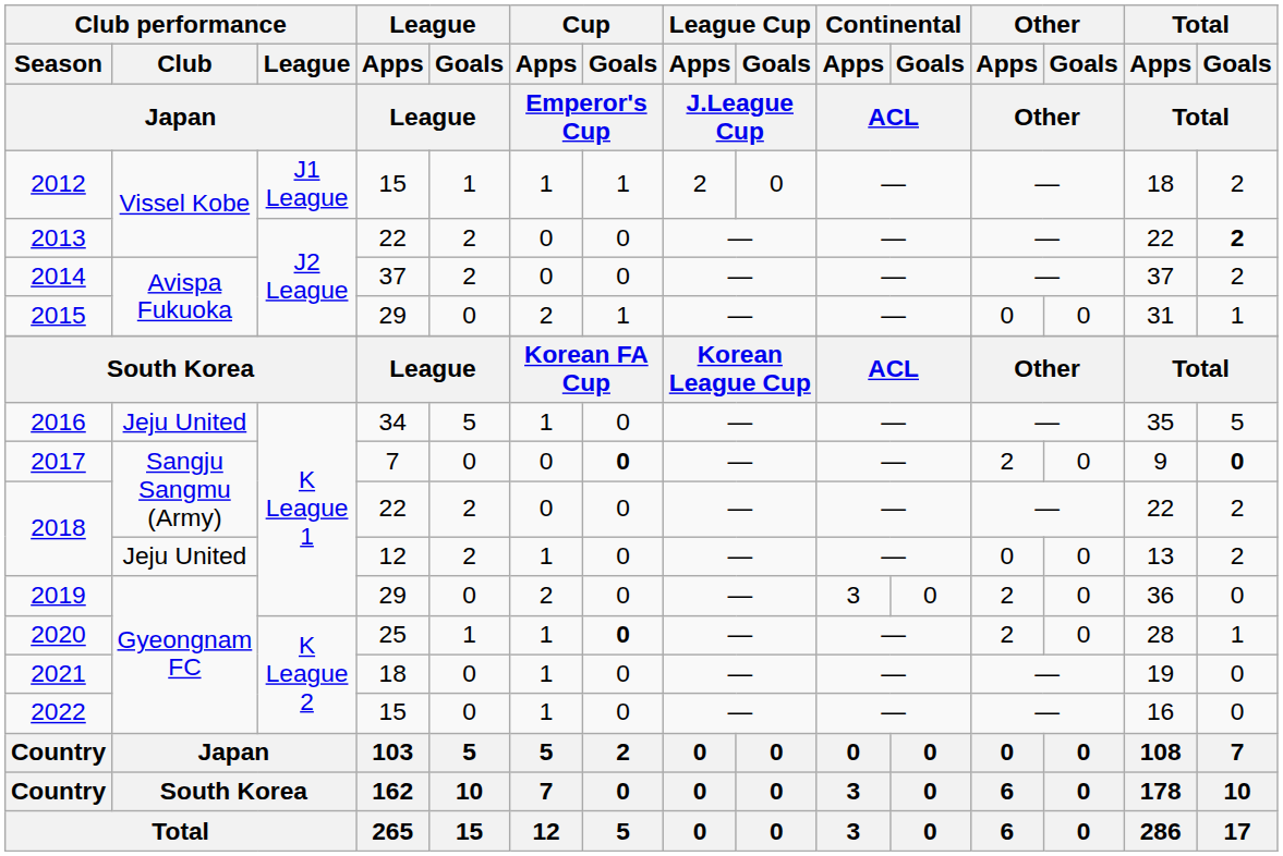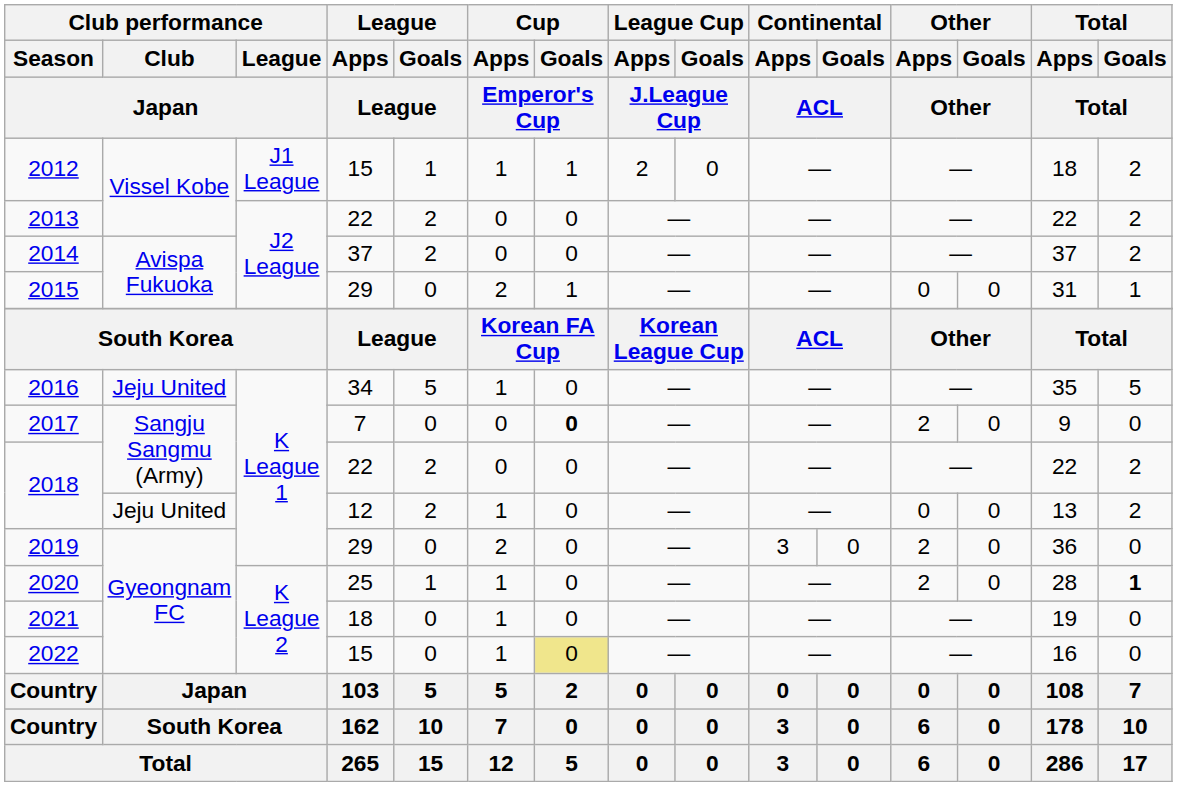 <table class="wikitable" style="text-align:center;">
 <tr>
 <th colspan=3>Club performance</th>
 <th colspan=2>League</th>
 <th colspan=2>Cup</th>
 <th colspan=2>League Cup</th>
 <th colspan=2>Continental</th>
 <th colspan=2>Other</th>
 <th colspan=2>Total</th>
 </tr>
 <tr>
 <th>Season</th>
 <th>Club</th>
 <th>League</th>
 <th>Apps</th>
 <th>Goals</th>
 <th>Apps</th>
 <th>Goals</th>
 <th>Apps</th>
 <th>Goals</th>
 <th>Apps</th>
 <th>Goals</th>
 <th>Apps</th>
 <th>Goals</th>
 <th>Apps</th>
 <th>Goals</th>
 </tr>
 <tr>
 <th colspan=3>Japan</th>
 <th colspan=2>League</th>
 <th colspan=2><a href='#'>Emperor's Cup</a></th>
 <th colspan=2><a href='#'>J.League Cup</a></th>
 <th colspan=2><a href='#'>ACL</a></th>
 <th colspan=2>Other</th>
 <th colspan=2>Total</th>
 </tr>
 <tr>
 <td><a href='#'>2012</a></td>
 <td rowspan=2><a href='#'>Vissel Kobe</a></td>
 <td><a href='#'>J1 League</a></td>
 <td>15</td>
 <td>1</td>
 <td>1</td>
 <td>1</td>
 <td>2</td>
 <td>0</td>
 <td colspan="2">—</td>
 <td colspan="2">—</td>
 <td>18</td>
 <td>2</td>
 </tr>
 <tr>
 <td><a href='#'>2013</a></td>
 <td rowspan=3><a href='#'>J2 League</a></td>
 <td>22</td>
 <td>2</td>
 <td>0</td>
 <td>0</td>
 <td colspan="2">—</td>
 <td colspan="2">—</td>
 <td colspan="2">—</td>
 <td>22</td>
-<td><strong>2</strong></td>
+<td>2</td>
 </tr>
 <tr>
 <td><a href='#'>2014</a></td>
 <td rowspan=2><a href='#'>Avispa Fukuoka</a></td>
 <td>37</td>
 <td>2</td>
 <td>0</td>
 <td>0</td>
 <td colspan="2">—</td>
 <td colspan="2">—</td>
 <td colspan="2">—</td>
 <td>37</td>
 <td>2</td>
 </tr>
 <tr>
 <td><a href='#'>2015</a></td>
 <td>29</td>
 <td>0</td>
 <td>2</td>
 <td>1</td>
 <td colspan="2">—</td>
 <td colspan="2">—</td>
 <td>0</td>
 <td>0</td>
 <td>31</td>
 <td>1</td>
 </tr>
 <tr>
 </tr>
 <tr>
 <th colspan=3>South Korea</th>
 <th colspan=2>League</th>
 <th colspan=2><a href='#'>Korean FA Cup</a></th>
 <th colspan=2><a href='#'>Korean League Cup</a></th>
 <th colspan=2><a href='#'>ACL</a></th>
 <th colspan=2>Other</th>
 <th colspan=2>Total</th>
 </tr>
 <tr>
 <td><a href='#'>2016</a></td>
 <td><a href='#'>Jeju United</a></td>
 <td rowspan=5><a href='#'>K League 1</a></td>
 <td>34</td>
 <td>5</td>
 <td>1</td>
 <td>0</td>
 <td colspan="2">—</td>
 <td colspan="2">—</td>
 <td colspan="2">—</td>
 <td>35</td>
 <td>5</td>
 </tr>
 <tr>
 <td><a href='#'>2017</a></td>
 <td rowspan=2><a href='#'>Sangju Sangmu</a> (Army)</td>
 <td>7</td>
 <td>0</td>
 <td>0</td>
 <td><strong>0</strong></td>
 <td colspan="2">—</td>
 <td colspan="2">—</td>
 <td>2</td>
 <td>0</td>
 <td>9</td>
-<td><strong>0</strong></td>
+<td>0</td>
 </tr>
 <tr>
 <td rowspan=2><a href='#'>2018</a></td>
 <td>22</td>
 <td>2</td>
 <td>0</td>
 <td>0</td>
 <td colspan="2">—</td>
 <td colspan="2">—</td>
 <td colspan="2">—</td>
 <td>22</td>
 <td>2</td>
 </tr>
 <tr>
 <td>Jeju United</td>
 <td>12</td>
 <td>2</td>
 <td>1</td>
 <td>0</td>
 <td colspan="2">—</td>
 <td colspan="2">—</td>
 <td>0</td>
 <td>0</td>
 <td>13</td>
 <td>2</td>
 </tr>
 <tr>
 <td><a href='#'>2019</a></td>
 <td rowspan=4><a href='#'>Gyeongnam FC</a></td>
 <td>29</td>
 <td>0</td>
 <td>2</td>
 <td>0</td>
 <td colspan="2">—</td>
 <td>3</td>
 <td>0</td>
 <td>2</td>
 <td>0</td>
 <td>36</td>
 <td>0</td>
 </tr>
 <tr>
 <td><a href='#'>2020</a></td>
 <td rowspan=3><a href='#'>K League 2</a></td>
 <td>25</td>
 <td>1</td>
 <td>1</td>
-<td><strong>0</strong></td>
+<td>0</td>
 <td colspan="2">—</td>
 <td colspan="2">—</td>
 <td>2</td>
 <td>0</td>
 <td>28</td>
-<td>1</td>
+<td><strong>1</strong></td>
 </tr>
 <tr>
 <td><a href='#'>2021</a></td>
 <td>18</td>
 <td>0</td>
 <td>1</td>
 <td>0</td>
 <td colspan="2">—</td>
 <td colspan="2">—</td>
 <td colspan="2">—</td>
 <td>19</td>
 <td>0</td>
 </tr>
 <tr>
 <td><a href='#'>2022</a></td>
 <td>15</td>
 <td>0</td>
 <td>1</td>
-<td>0</td>
+<td style="background: khaki;">0</td>
 <td colspan="2">—</td>
 <td colspan="2">—</td>
 <td colspan="2">—</td>
 <td>16</td>
 <td>0</td>
 </tr>
 <tr>
 <th rowspan=1>Country</th>
 <th colspan=2>Japan</th>
 <th>103</th>
 <th>5</th>
 <th>5</th>
 <th>2</th>
 <th>0</th>
 <th>0</th>
 <th>0</th>
 <th>0</th>
 <th>0</th>
 <th>0</th>
 <th>108</th>
 <th>7</th>
 </tr>
 <tr>
 <th rowspan=1>Country</th>
 <th colspan=2>South Korea</th>
 <th>162</th>
 <th>10</th>
 <th>7</th>
 <th>0</th>
 <th>0</th>
 <th>0</th>
 <th>3</th>
 <th>0</th>
 <th>6</th>
 <th>0</th>
 <th>178</th>
 <th>10</th>
 </tr>
 <tr>
 <th colspan=3>Total</th>
 <th>265</th>
 <th>15</th>
 <th>12</th>
 <th>5</th>
 <th>0</th>
 <th>0</th>
 <th>3</th>
 <th>0</th>
 <th>6</th>
 <th>0</th>
 <th>286</th>
 <th>17</th>
 </tr>
 </table>
